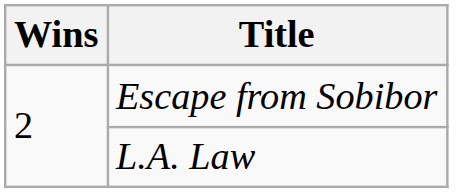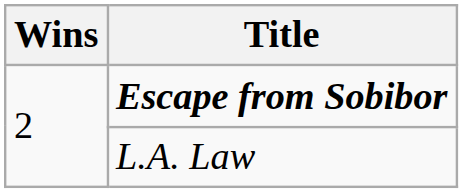 <table class="wikitable">
 <tr>
 <th>Wins</th>
 <th>Title</th>
 </tr>
 <tr>
 <td rowspan="2">2</td>
-<td><em>Escape from Sobibor</em></td>
+<td><strong><em>Escape from Sobibor</em></strong></td>
 </tr>
 <tr>
 <td><em>L.A. Law</em></td>
 </tr>
 </table>
